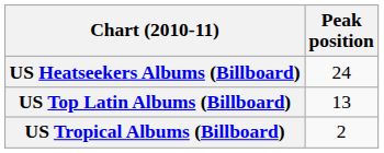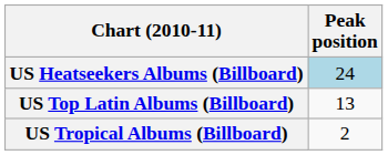 <table class="wikitable sortable plainrowheaders" style="text-align:center">
 <tr>
 <th scope="col">Chart (2010-11)</th>
 <th scope="col">Peak<br>position</th>
 </tr>
 <tr>
 <th scope="row">US <a href='#'>Heatseekers Albums</a> (<a href='#'>Billboard</a>)</th>
-<td align=center>24</td>
+<td align=center style="background: lightblue;">24</td>
 </tr>
 <tr>
 <th scope="row">US <a href='#'>Top Latin Albums</a> (<a href='#'>Billboard</a>)</th>
 <td align=center>13</td>
 </tr>
 <tr>
 <th scope="row">US <a href='#'>Tropical Albums</a> (<a href='#'>Billboard</a>)</th>
 <td align=center>2</td>
 </tr>
 </table>
